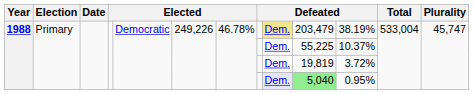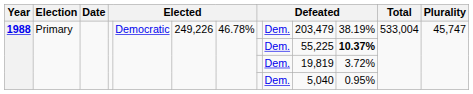 <table class="wikitable">
 <tr>
 <th>Year</th>
 <th>Election</th>
 <th>Date</th>
 <th colspan="4">Elected</th>
 <th colspan="4">Defeated</th>
 <th>Total</th>
 <th>Plurality</th>
 </tr>
 <tr>
 <th rowspan="4" valign="top"><a href='#'>1988</a></th>
 <td rowspan="4" valign="top">Primary</td>
 <td rowspan="4" valign="top"></td>
 <td rowspan="4" valign="top"></td>
 <td valign="top" rowspan="4" ><a href='#'>Democratic</a></td>
 <td rowspan="4" align="right" valign="top">249,226</td>
 <td rowspan="4" align="right" valign="top">46.78%</td>
 <td valign="top"></td>
-<td valign="top"  style="background: khaki;"><a href='#'>Dem.</a></td>
+<td valign="top" ><a href='#'>Dem.</a></td>
 <td align="right" valign="top">203,479</td>
 <td align="right" valign="top">38.19%</td>
 <td rowspan="4" align="right" valign="top">533,004</td>
 <td rowspan="4" align="right" valign="top">45,747</td>
 </tr>
 <tr>
 <td valign="top"></td>
 <td valign="top" ><a href='#'>Dem.</a></td>
 <td align="right" valign="top">55,225</td>
-<td align="right" valign="top">10.37%</td>
+<td align="right" valign="top"><strong>10.37%</strong></td>
 </tr>
 <tr>
 <td valign="top"></td>
 <td valign="top" ><a href='#'>Dem.</a></td>
 <td align="right" valign="top">19,819</td>
 <td align="right" valign="top">3.72%</td>
 </tr>
 <tr>
 <td valign="top"></td>
-<td valign="top"  style="background: lavender;"><a href='#'>Dem.</a></td>
-<td align="right" valign="top" style="background: lightgreen;">5,040</td>
+<td valign="top" ><a href='#'>Dem.</a></td>
+<td align="right" valign="top">5,040</td>
 <td align="right" valign="top">0.95%</td>
 </tr>
 </table>
